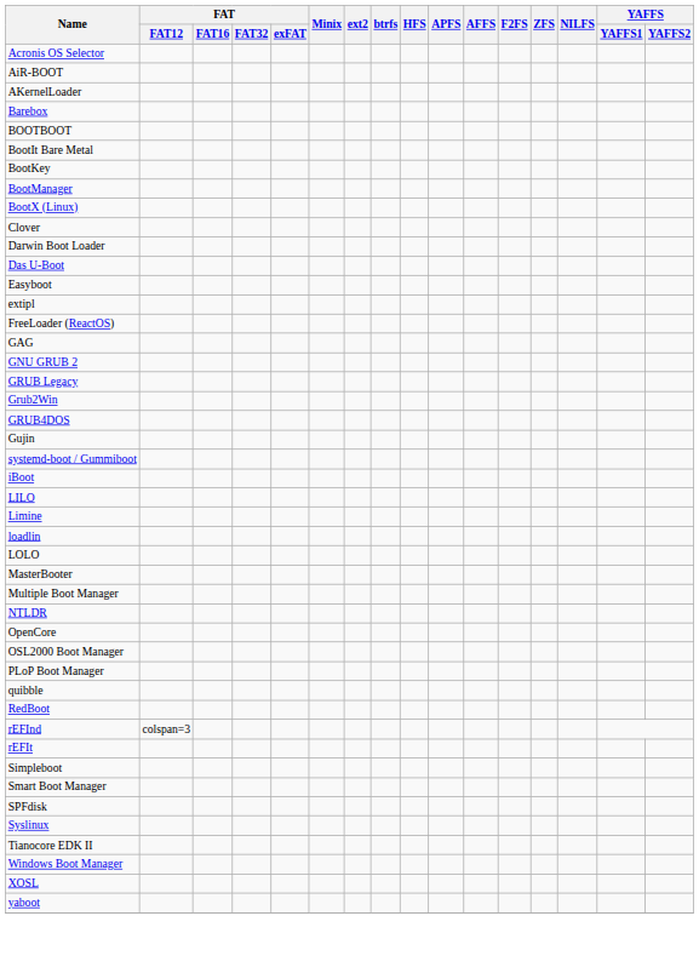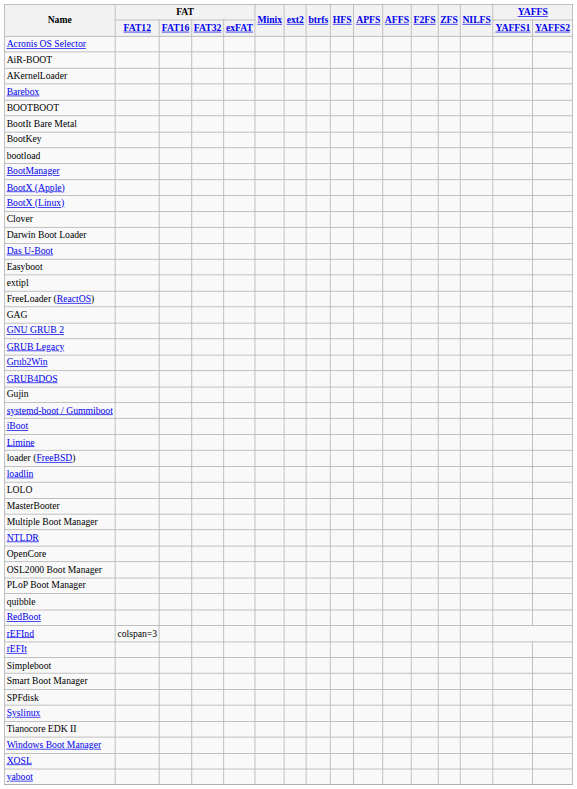 <table class="sortable wikitable" style="font-size: 85%">
 <tr>
 <th rowspan=2>Name</th>
 <th colspan=4>FAT</th>
 <th rowspan=2><a href='#'>Minix</a></th>
 <th rowspan=2><a href='#'>ext2</a></th>
 <th rowspan=2><a href='#'>btrfs</a></th>
 <th rowspan=2><a href='#'>HFS</a></th>
 <th rowspan=2><a href='#'>APFS</a></th>
 <th rowspan=2><a href='#'>AFFS</a></th>
 <th rowspan=2><a href='#'>F2FS</a></th>
 <th rowspan=2><a href='#'>ZFS</a></th>
 <th rowspan=2><a href='#'>NILFS</a></th>
 <th colspan=2><a href='#'>YAFFS</a></th>
 </tr>
 <tr>
 <th><a href='#'>FAT12</a></th>
 <th><a href='#'>FAT16</a></th>
 <th><a href='#'>FAT32</a></th>
 <th><a href='#'>exFAT</a></th>
 <th><a href='#'>YAFFS1</a></th>
 <th><a href='#'>YAFFS2</a></th>
 </tr>
 <tr>
 <td><a href='#'>Acronis OS Selector</a></td>
 <td></td>
 <td></td>
 <td></td>
 <td></td>
 <td></td>
 <td></td>
 <td></td>
 <td></td>
 <td></td>
 <td></td>
 <td></td>
 <td></td>
 <td></td>
 <td></td>
 <td></td>
 </tr>
 <tr>
 <td>AiR-BOOT</td>
 <td></td>
 <td></td>
 <td></td>
 <td></td>
 <td></td>
 <td></td>
 <td></td>
 <td></td>
 <td></td>
 <td></td>
 <td></td>
 <td></td>
 <td></td>
 <td></td>
 <td></td>
 </tr>
 <tr>
 <td>AKernelLoader</td>
 <td></td>
 <td></td>
 <td></td>
 <td></td>
 <td></td>
 <td></td>
 <td></td>
 <td></td>
 <td></td>
 <td></td>
 <td></td>
 <td></td>
 <td></td>
 <td></td>
 <td></td>
 </tr>
 <tr>
 <td><a href='#'>Barebox</a></td>
 <td></td>
 <td></td>
 <td></td>
 <td></td>
 <td></td>
 <td></td>
 <td></td>
 <td></td>
 <td></td>
 <td></td>
 <td></td>
 <td></td>
 <td></td>
 <td></td>
 <td></td>
 </tr>
 <tr>
 <td>BOOTBOOT</td>
 <td></td>
 <td></td>
 <td></td>
 <td></td>
 <td></td>
 <td></td>
 <td></td>
 <td></td>
 <td></td>
 <td></td>
 <td></td>
 <td></td>
 <td></td>
 <td></td>
 <td></td>
 </tr>
 <tr>
 <td>BootIt Bare Metal</td>
 <td></td>
 <td></td>
 <td></td>
 <td></td>
 <td></td>
 <td></td>
 <td></td>
 <td></td>
 <td></td>
 <td></td>
 <td></td>
 <td></td>
 <td></td>
 <td></td>
 <td></td>
 </tr>
 <tr>
 <td>BootKey</td>
 <td></td>
 <td></td>
 <td></td>
 <td></td>
 <td></td>
 <td></td>
 <td></td>
 <td></td>
 <td></td>
 <td></td>
 <td></td>
 <td></td>
 <td></td>
 <td></td>
 <td></td>
 </tr>
 <tr>
+<td>bootload</td>
+<td></td>
+<td></td>
+<td></td>
+<td></td>
+<td></td>
+<td></td>
+<td></td>
+<td></td>
+<td></td>
+<td></td>
+<td></td>
+<td></td>
+<td></td>
+<td></td>
+<td></td>
+</tr>
+<tr>
 <td><a href='#'>BootManager</a></td>
+<td></td>
+<td></td>
+<td></td>
+<td></td>
+<td></td>
+<td></td>
+<td></td>
+<td></td>
+<td></td>
+<td></td>
+<td></td>
+<td></td>
+<td></td>
+<td></td>
+<td></td>
+</tr>
+<tr>
+<td><a href='#'>BootX (Apple)</a></td>
 <td></td>
 <td></td>
 <td></td>
 <td></td>
 <td></td>
 <td></td>
 <td></td>
 <td></td>
 <td></td>
 <td></td>
 <td></td>
 <td></td>
 <td></td>
 <td></td>
 <td></td>
 </tr>
 <tr>
 <td><a href='#'>BootX (Linux)</a></td>
 <td></td>
 <td></td>
 <td></td>
 <td></td>
 <td></td>
 <td></td>
 <td></td>
 <td></td>
 <td></td>
 <td></td>
 <td></td>
 <td></td>
 <td></td>
 <td></td>
 <td></td>
 </tr>
 <tr>
 <td>Clover</td>
 <td></td>
 <td></td>
 <td></td>
 <td></td>
 <td></td>
 <td></td>
 <td></td>
 <td></td>
 <td></td>
 <td></td>
 <td></td>
 <td></td>
 <td></td>
 <td></td>
 <td></td>
 </tr>
 <tr>
 <td>Darwin Boot Loader</td>
 <td></td>
 <td></td>
 <td></td>
 <td></td>
 <td></td>
 <td></td>
 <td></td>
 <td></td>
 <td></td>
 <td></td>
 <td></td>
 <td></td>
 <td></td>
 <td></td>
 <td></td>
 </tr>
 <tr>
 <td><a href='#'>Das U-Boot</a></td>
 <td></td>
 <td></td>
 <td></td>
 <td></td>
 <td></td>
 <td></td>
 <td></td>
 <td></td>
 <td></td>
 <td></td>
 <td></td>
 <td></td>
 <td></td>
 <td></td>
 <td></td>
 </tr>
 <tr>
 <td>Easyboot</td>
 <td></td>
 <td></td>
 <td></td>
 <td></td>
 <td></td>
 <td></td>
 <td></td>
 <td></td>
 <td></td>
 <td></td>
 <td></td>
 <td></td>
 <td></td>
 <td></td>
 <td></td>
 </tr>
 <tr>
 <td>extipl</td>
 <td></td>
 <td></td>
 <td></td>
 <td></td>
 <td></td>
 <td></td>
 <td></td>
 <td></td>
 <td></td>
 <td></td>
 <td></td>
 <td></td>
 <td></td>
 <td></td>
 <td></td>
 </tr>
 <tr>
 <td>FreeLoader (<a href='#'>ReactOS</a>)</td>
 <td></td>
 <td></td>
 <td></td>
 <td></td>
 <td></td>
 <td></td>
 <td></td>
 <td></td>
 <td></td>
 <td></td>
 <td></td>
 <td></td>
 <td></td>
 <td></td>
 <td></td>
 </tr>
 <tr>
 <td>GAG</td>
 <td></td>
 <td></td>
 <td></td>
 <td></td>
 <td></td>
 <td></td>
 <td></td>
 <td></td>
 <td></td>
 <td></td>
 <td></td>
 <td></td>
 <td></td>
 <td></td>
 <td></td>
 </tr>
 <tr>
 <td><a href='#'>GNU GRUB 2</a></td>
 <td></td>
 <td></td>
 <td></td>
 <td></td>
 <td></td>
 <td></td>
 <td></td>
 <td></td>
 <td></td>
 <td></td>
 <td></td>
 <td></td>
 <td></td>
 <td></td>
 <td></td>
 </tr>
 <tr>
 <td><a href='#'>GRUB Legacy</a></td>
 <td></td>
 <td></td>
 <td></td>
 <td></td>
 <td></td>
 <td></td>
 <td></td>
 <td></td>
 <td></td>
 <td></td>
 <td></td>
 <td></td>
 <td></td>
 <td></td>
 <td></td>
 </tr>
 <tr>
 <td><a href='#'>Grub2Win</a></td>
 <td></td>
 <td></td>
 <td></td>
 <td></td>
 <td></td>
 <td></td>
 <td></td>
 <td></td>
 <td></td>
 <td></td>
 <td></td>
 <td></td>
 <td></td>
 <td></td>
 <td></td>
 </tr>
 <tr>
 <td><a href='#'>GRUB4DOS</a></td>
 <td></td>
 <td></td>
 <td></td>
 <td></td>
 <td></td>
 <td></td>
 <td></td>
 <td></td>
 <td></td>
 <td></td>
 <td></td>
 <td></td>
 <td></td>
 <td></td>
 <td></td>
 </tr>
 <tr>
 <td>Gujin</td>
 <td></td>
 <td></td>
 <td></td>
 <td></td>
 <td></td>
 <td></td>
 <td></td>
 <td></td>
 <td></td>
 <td></td>
 <td></td>
 <td></td>
 <td></td>
 <td></td>
 <td></td>
 </tr>
 <tr>
 <td><a href='#'>systemd-boot / Gummiboot</a></td>
 <td></td>
 <td></td>
 <td></td>
 <td></td>
 <td></td>
 <td></td>
 <td></td>
 <td></td>
 <td></td>
 <td></td>
 <td></td>
 <td></td>
 <td></td>
 <td></td>
 <td></td>
 </tr>
 <tr>
 <td><a href='#'>iBoot</a></td>
 <td></td>
 <td></td>
 <td></td>
 <td></td>
 <td></td>
 <td></td>
 <td></td>
 <td></td>
 <td></td>
 <td></td>
 <td></td>
 <td></td>
 <td></td>
 <td></td>
 <td></td>
 </tr>
 <tr>
-<td><a href='#'>LILO</a></td>
+<td><a href='#'>Limine</a></td>
 <td></td>
 <td></td>
 <td></td>
 <td></td>
 <td></td>
 <td></td>
 <td></td>
 <td></td>
 <td></td>
 <td></td>
 <td></td>
 <td></td>
 <td></td>
 <td></td>
 <td></td>
 </tr>
 <tr>
-<td><a href='#'>Limine</a></td>
+<td>loader (<a href='#'>FreeBSD</a>)</td>
 <td></td>
 <td></td>
 <td></td>
 <td></td>
 <td></td>
 <td></td>
 <td></td>
 <td></td>
 <td></td>
 <td></td>
 <td></td>
 <td></td>
 <td></td>
 <td></td>
 <td></td>
 </tr>
 <tr>
 <td><a href='#'>loadlin</a></td>
 <td></td>
 <td></td>
 <td></td>
 <td></td>
 <td></td>
 <td></td>
 <td></td>
 <td></td>
 <td></td>
 <td></td>
 <td></td>
 <td></td>
 <td></td>
 <td></td>
 <td></td>
 </tr>
 <tr>
 <td>LOLO</td>
 <td></td>
 <td></td>
 <td></td>
 <td></td>
 <td></td>
 <td></td>
 <td></td>
 <td></td>
 <td></td>
 <td></td>
 <td></td>
 <td></td>
 <td></td>
 <td></td>
 <td></td>
 </tr>
 <tr>
 <td>MasterBooter</td>
 <td></td>
 <td></td>
 <td></td>
 <td></td>
 <td></td>
 <td></td>
 <td></td>
 <td></td>
 <td></td>
 <td></td>
 <td></td>
 <td></td>
 <td></td>
 <td></td>
 <td></td>
 </tr>
 <tr>
 <td>Multiple Boot Manager</td>
 <td></td>
 <td></td>
 <td></td>
 <td></td>
 <td></td>
 <td></td>
 <td></td>
 <td></td>
 <td></td>
 <td></td>
 <td></td>
 <td></td>
 <td></td>
 <td></td>
 <td></td>
 </tr>
 <tr>
 <td><a href='#'>NTLDR</a></td>
 <td></td>
 <td></td>
 <td></td>
 <td></td>
 <td></td>
 <td></td>
 <td></td>
 <td></td>
 <td></td>
 <td></td>
 <td></td>
 <td></td>
 <td></td>
 <td></td>
 <td></td>
 </tr>
 <tr>
 <td>OpenCore</td>
 <td></td>
 <td></td>
 <td></td>
 <td></td>
 <td></td>
 <td></td>
 <td></td>
 <td></td>
 <td></td>
 <td></td>
 <td></td>
 <td></td>
 <td></td>
 <td></td>
 <td></td>
 </tr>
 <tr>
 <td>OSL2000 Boot Manager</td>
 <td></td>
 <td></td>
 <td></td>
 <td></td>
 <td></td>
 <td></td>
 <td></td>
 <td></td>
 <td></td>
 <td></td>
 <td></td>
 <td></td>
 <td></td>
 <td></td>
 <td></td>
 </tr>
 <tr>
 <td>PLoP Boot Manager</td>
 <td></td>
 <td></td>
 <td></td>
 <td></td>
 <td></td>
 <td></td>
 <td></td>
 <td></td>
 <td></td>
 <td></td>
 <td></td>
 <td></td>
 <td></td>
 <td></td>
 <td></td>
 </tr>
 <tr>
 <td>quibble</td>
 <td></td>
 <td></td>
 <td></td>
 <td></td>
 <td></td>
 <td></td>
 <td></td>
 <td></td>
 <td></td>
 <td></td>
 <td></td>
 <td></td>
 <td></td>
 <td></td>
 <td></td>
 </tr>
 <tr>
 <td><a href='#'>RedBoot</a></td>
 <td></td>
 <td></td>
 <td></td>
 <td></td>
 <td></td>
 <td></td>
 <td></td>
 <td></td>
 <td></td>
 <td></td>
 <td></td>
 <td></td>
 <td></td>
 <td></td>
 <td></td>
 </tr>
 <tr>
 <td><a href='#'>rEFInd</a></td>
 <td>colspan=3 </td>
 <td></td>
 <td></td>
 <td></td>
 <td></td>
 <td></td>
 <td></td>
 <td></td>
 <td></td>
 <td></td>
 <td></td>
 <td></td>
 <td></td>
 </tr>
 <tr>
 <td><a href='#'>rEFIt</a></td>
 <td></td>
 <td></td>
 <td></td>
 <td></td>
 <td></td>
 <td></td>
 <td></td>
 <td></td>
 <td></td>
 <td></td>
 <td></td>
 <td></td>
 <td></td>
 <td></td>
 <td></td>
 </tr>
 <tr>
 <td>Simpleboot</td>
 <td></td>
 <td></td>
 <td></td>
 <td></td>
 <td></td>
 <td></td>
 <td></td>
 <td></td>
 <td></td>
 <td></td>
 <td></td>
 <td></td>
 <td></td>
 <td></td>
 <td></td>
 </tr>
 <tr>
 <td>Smart Boot Manager</td>
 <td></td>
 <td></td>
 <td></td>
 <td></td>
 <td></td>
 <td></td>
 <td></td>
 <td></td>
 <td></td>
 <td></td>
 <td></td>
 <td></td>
 <td></td>
 <td></td>
 <td></td>
 </tr>
 <tr>
 <td>SPFdisk</td>
 <td></td>
 <td></td>
 <td></td>
 <td></td>
 <td></td>
 <td></td>
 <td></td>
 <td></td>
 <td></td>
 <td></td>
 <td></td>
 <td></td>
 <td></td>
 <td></td>
 <td></td>
 </tr>
 <tr>
 <td><a href='#'>Syslinux</a></td>
 <td></td>
 <td></td>
 <td></td>
 <td></td>
 <td></td>
 <td></td>
 <td></td>
 <td></td>
 <td></td>
 <td></td>
 <td></td>
 <td></td>
 <td></td>
 <td></td>
 <td></td>
 </tr>
 <tr>
 <td>Tianocore EDK II</td>
 <td></td>
 <td></td>
 <td></td>
 <td></td>
 <td></td>
 <td></td>
 <td></td>
 <td></td>
 <td></td>
 <td></td>
 <td></td>
 <td></td>
 <td></td>
 <td></td>
 <td></td>
 </tr>
 <tr>
 <td><a href='#'>Windows Boot Manager</a></td>
 <td></td>
 <td></td>
 <td></td>
 <td></td>
 <td></td>
 <td></td>
 <td></td>
 <td></td>
 <td></td>
 <td></td>
 <td></td>
 <td></td>
 <td></td>
 <td></td>
 <td></td>
 </tr>
 <tr>
 <td><a href='#'>XOSL</a></td>
 <td></td>
 <td></td>
 <td></td>
 <td></td>
 <td></td>
 <td></td>
 <td></td>
 <td></td>
 <td></td>
 <td></td>
 <td></td>
 <td></td>
 <td></td>
 <td></td>
 <td></td>
 </tr>
 <tr>
 <td><a href='#'>yaboot</a></td>
 <td></td>
 <td></td>
 <td></td>
 <td></td>
 <td></td>
 <td></td>
 <td></td>
 <td></td>
 <td></td>
 <td></td>
 <td></td>
 <td></td>
 <td></td>
 <td></td>
 <td></td>
 </tr>
 <tr>
 </tr>
 </table>
